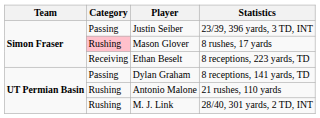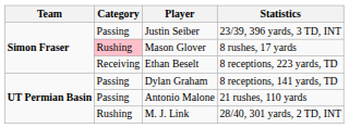 <table class="wikitable" style="float: right;">
 <tr>
 <th>Team</th>
 <th>Category</th>
 <th>Player</th>
 <th>Statistics</th>
 </tr>
 <tr>
 <td rowspan=3><strong>Simon Fraser</strong></td>
 <td>Passing</td>
 <td>Justin Seiber</td>
 <td>23/39, 396 yards, 3 TD, INT</td>
 </tr>
 <tr>
 <td style="background: pink;">Rushing</td>
 <td>Mason Glover</td>
 <td>8 rushes, 17 yards</td>
 </tr>
 <tr>
 <td>Receiving</td>
 <td>Ethan Beselt</td>
 <td>8 receptions, 223 yards, TD</td>
 </tr>
 <tr>
 <td rowspan=3><strong>UT Permian Basin</strong></td>
 <td>Passing</td>
 <td>Dylan Graham</td>
 <td>8 receptions, 141 yards, TD</td>
 </tr>
 <tr>
-<td>Rushing</td>
+<td>Passing</td>
 <td>Antonio Malone</td>
 <td>21 rushes, 110 yards</td>
 </tr>
 <tr>
 <td>Rushing</td>
 <td>M. J. Link</td>
 <td>28/40, 301 yards, 2 TD, INT</td>
 </tr>
 </table>
